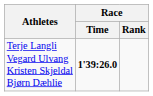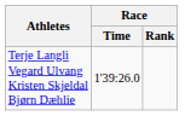 <table class="wikitable" border="1" style="font-size:90%">
 <tr>
 <th rowspan=2>Athletes</th>
 <th colspan=2>Race</th>
 </tr>
 <tr>
 <th>Time</th>
 <th>Rank</th>
 </tr>
 <tr>
 <td><a href='#'>Terje Langli</a><br><a href='#'>Vegard Ulvang</a><br><a href='#'>Kristen Skjeldal</a><br><a href='#'>Bjørn Dæhlie</a></td>
-<td align=center><strong>1'39:26.0</strong></td>
+<td align=center>1'39:26.0</td>
 <td align=center></td>
 </tr>
 </table>
